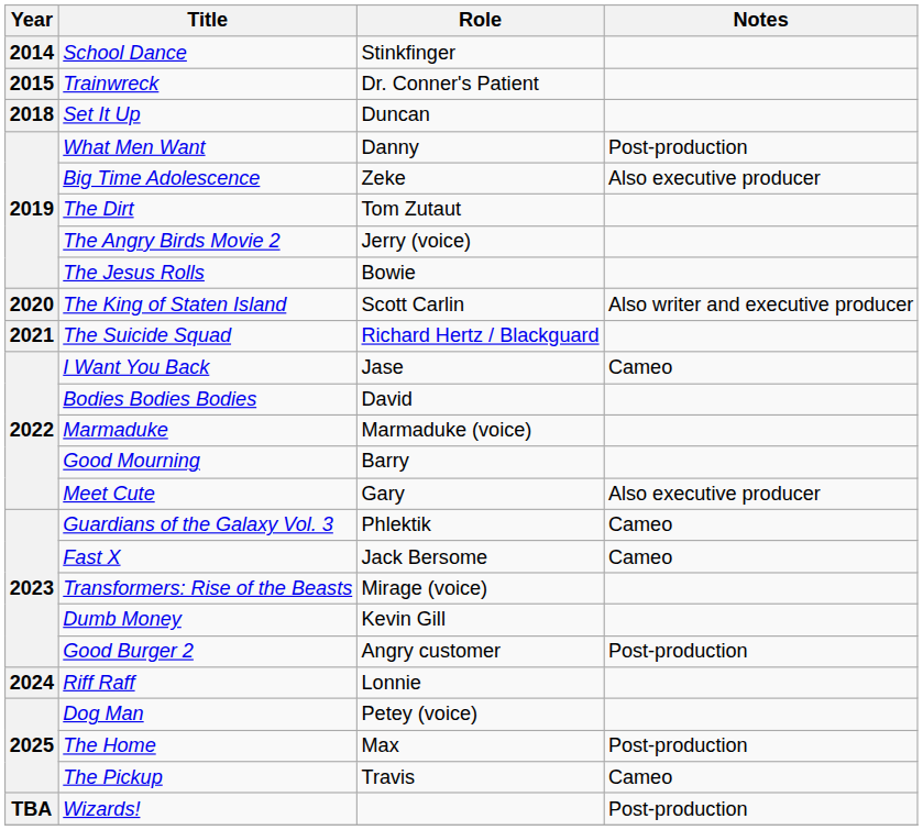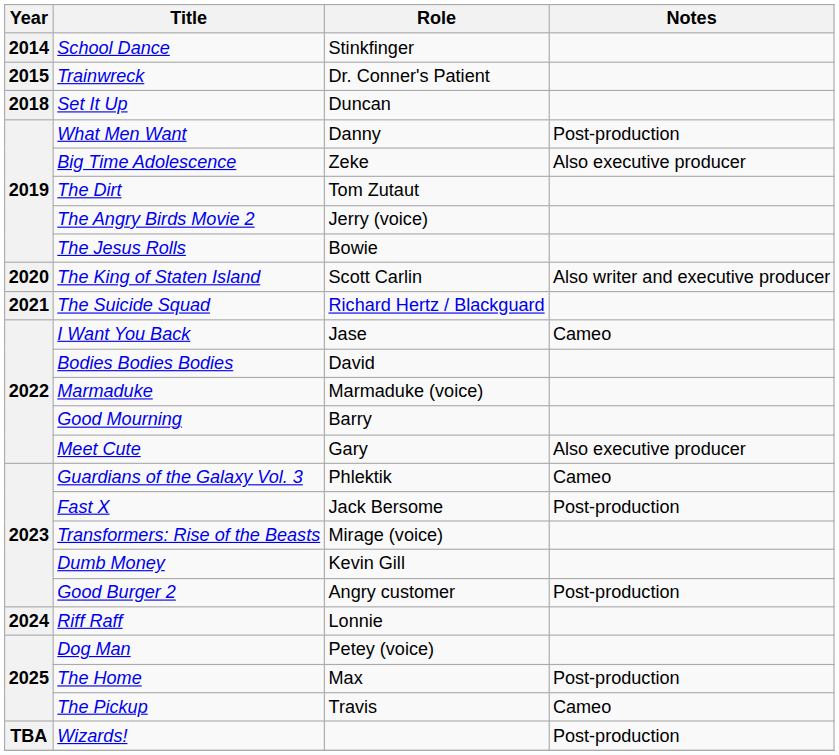 <table class="wikitable plainrowheaders sortable" style="margin-right: 0;">
 <tr>
 <th scope="col">Year</th>
 <th scope="col">Title</th>
 <th scope="col">Role</th>
 <th scope="col">Notes</th>
 </tr>
 <tr>
 <th scope="row">2014</th>
 <td><em><a href='#'>School Dance</a></em></td>
 <td>Stinkfinger</td>
 <td></td>
 </tr>
 <tr>
 <th scope="row">2015</th>
 <td><em><a href='#'>Trainwreck</a></em></td>
 <td>Dr. Conner's Patient</td>
 <td></td>
 </tr>
 <tr>
 <th scope="row">2018</th>
 <td><em><a href='#'>Set It Up</a></em></td>
 <td>Duncan</td>
 <td></td>
 </tr>
 <tr>
 <th scope="row" rowspan="5">2019</th>
 <td><em><a href='#'>What Men Want</a></em></td>
 <td>Danny</td>
 <td>Post-production</td>
 </tr>
 <tr>
 <td scope="row"><em><a href='#'>Big Time Adolescence</a></em></td>
 <td>Zeke</td>
 <td>Also executive producer</td>
 </tr>
 <tr>
 <td scope="row"><em><a href='#'>The Dirt</a></em></td>
 <td>Tom Zutaut</td>
 <td></td>
 </tr>
 <tr>
 <td scope="row"><em><a href='#'>The Angry Birds Movie 2</a></em></td>
 <td>Jerry (voice)</td>
 <td></td>
 </tr>
 <tr>
 <td scope="row"><em><a href='#'>The Jesus Rolls</a></em></td>
 <td>Bowie</td>
 <td></td>
 </tr>
 <tr>
 <th scope="row">2020</th>
 <td><em><a href='#'>The King of Staten Island</a></em></td>
 <td>Scott Carlin</td>
 <td>Also writer and executive producer</td>
 </tr>
 <tr>
 <th scope="row">2021</th>
 <td><em><a href='#'>The Suicide Squad</a></em></td>
 <td><a href='#'>Richard Hertz / Blackguard</a></td>
 <td></td>
 </tr>
 <tr>
 <th scope="row" rowspan="5">2022</th>
 <td><em><a href='#'>I Want You Back</a></em></td>
 <td>Jase</td>
 <td>Cameo</td>
 </tr>
 <tr>
 <td><em><a href='#'>Bodies Bodies Bodies</a></em></td>
 <td>David</td>
 <td></td>
 </tr>
 <tr>
 <td><em><a href='#'>Marmaduke</a></em></td>
 <td>Marmaduke (voice)</td>
 <td></td>
 </tr>
 <tr>
 <td><em><a href='#'>Good Mourning</a></em></td>
 <td>Barry</td>
 <td></td>
 </tr>
 <tr>
 <td><em><a href='#'>Meet Cute</a></em></td>
 <td>Gary</td>
 <td>Also executive producer</td>
 </tr>
 <tr>
 <th scope="row" rowspan="5”">2023</th>
 <td><em><a href='#'>Guardians of the Galaxy Vol. 3</a></em></td>
 <td>Phlektik</td>
 <td>Cameo</td>
 </tr>
 <tr>
 <td><em><a href='#'>Fast X</a></em></td>
 <td>Jack Bersome</td>
-<td>Cameo</td>
+<td>Post-production</td>
 </tr>
 <tr>
 <td><em><a href='#'>Transformers: Rise of the Beasts</a></em></td>
 <td>Mirage (voice)</td>
 <td></td>
 </tr>
 <tr>
 <td><em><a href='#'>Dumb Money</a></em></td>
 <td>Kevin Gill</td>
 <td></td>
 </tr>
 <tr>
 <td><em><a href='#'>Good Burger 2</a></em></td>
 <td>Angry customer</td>
 <td>Post-production</td>
 </tr>
 <tr>
 <th scope="row">2024</th>
 <td scope="row"><em><a href='#'>Riff Raff</a></em></td>
 <td>Lonnie</td>
 <td></td>
 </tr>
 <tr>
 <th rowspan="3" scope="row">2025</th>
 <td><em><a href='#'>Dog Man</a></em></td>
 <td>Petey (voice)</td>
 <td></td>
 </tr>
 <tr>
 <td><em><a href='#'>The Home</a></em></td>
 <td>Max</td>
 <td>Post-production</td>
 </tr>
 <tr>
 <td scope="row"><em><a href='#'>The Pickup</a></em></td>
 <td>Travis</td>
 <td>Cameo</td>
 </tr>
 <tr>
 <th scope="row">TBA</th>
 <td scope="row"><em><a href='#'>Wizards!</a></em></td>
 <td></td>
 <td>Post-production</td>
 </tr>
 <tr>
 </tr>
 </table>
